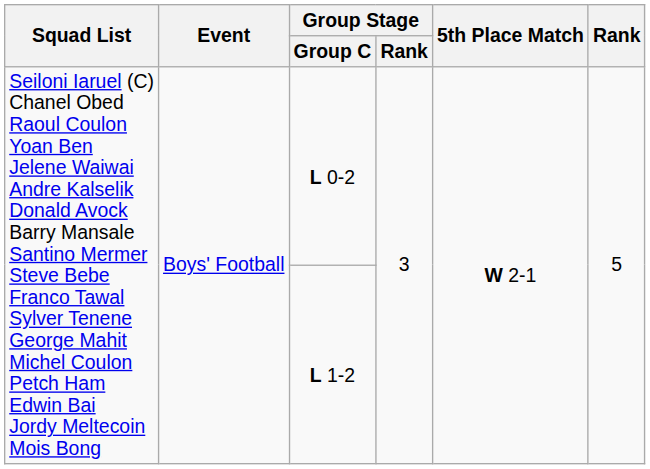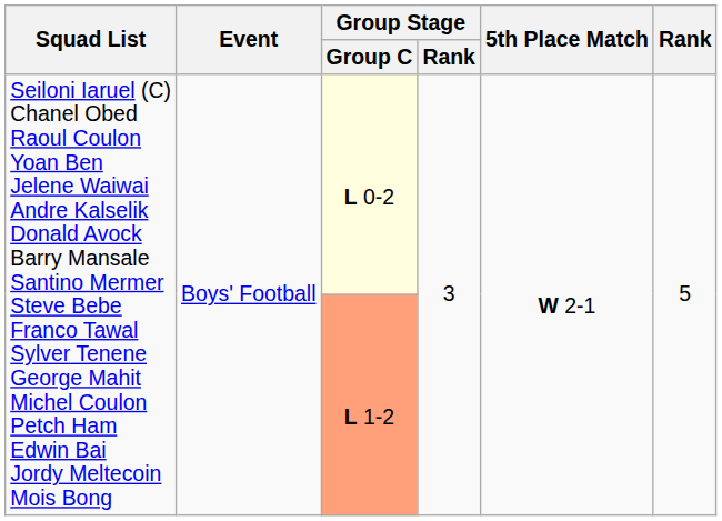 <table class=wikitable style="font-size:90%">
 <tr>
 <th rowspan=2>Squad List</th>
 <th rowspan=2>Event</th>
 <th colspan=2>Group Stage</th>
 <th rowspan=2>5th Place Match</th>
 <th rowspan=2>Rank</th>
 </tr>
 <tr>
 <th>Group C</th>
 <th>Rank</th>
 </tr>
 <tr>
 <td rowspan=2><a href='#'>Seiloni Iaruel</a> (C)<br>Chanel Obed<br><a href='#'>Raoul Coulon</a><br><a href='#'>Yoan Ben</a><br><a href='#'>Jelene Waiwai</a><br><a href='#'>Andre Kalselik</a><br><a href='#'>Donald Avock</a><br>Barry Mansale<br><a href='#'>Santino Mermer</a><br><a href='#'>Steve Bebe</a><br><a href='#'>Franco Tawal</a><br><a href='#'>Sylver Tenene</a><br><a href='#'>George Mahit</a><br><a href='#'>Michel Coulon</a><br><a href='#'>Petch Ham</a><br><a href='#'>Edwin Bai</a><br><a href='#'>Jordy Meltecoin</a><br><a href='#'>Mois Bong</a></td>
 <td rowspan=2><a href='#'>Boys' Football</a></td>
-<td align=center><br> <strong>L</strong> 0-2</td>
+<td align=center style="background: lightyellow;"><br> <strong>L</strong> 0-2</td>
 <td rowspan=2 align=center>3</td>
 <td rowspan=2 align=center><br> <strong>W</strong> 2-1</td>
 <td rowspan=2 align=center>5</td>
 </tr>
 <tr>
-<td align=center><br> <strong>L</strong> 1-2</td>
+<td align=center style="background: lightsalmon;"><br> <strong>L</strong> 1-2</td>
 </tr>
 </table>
